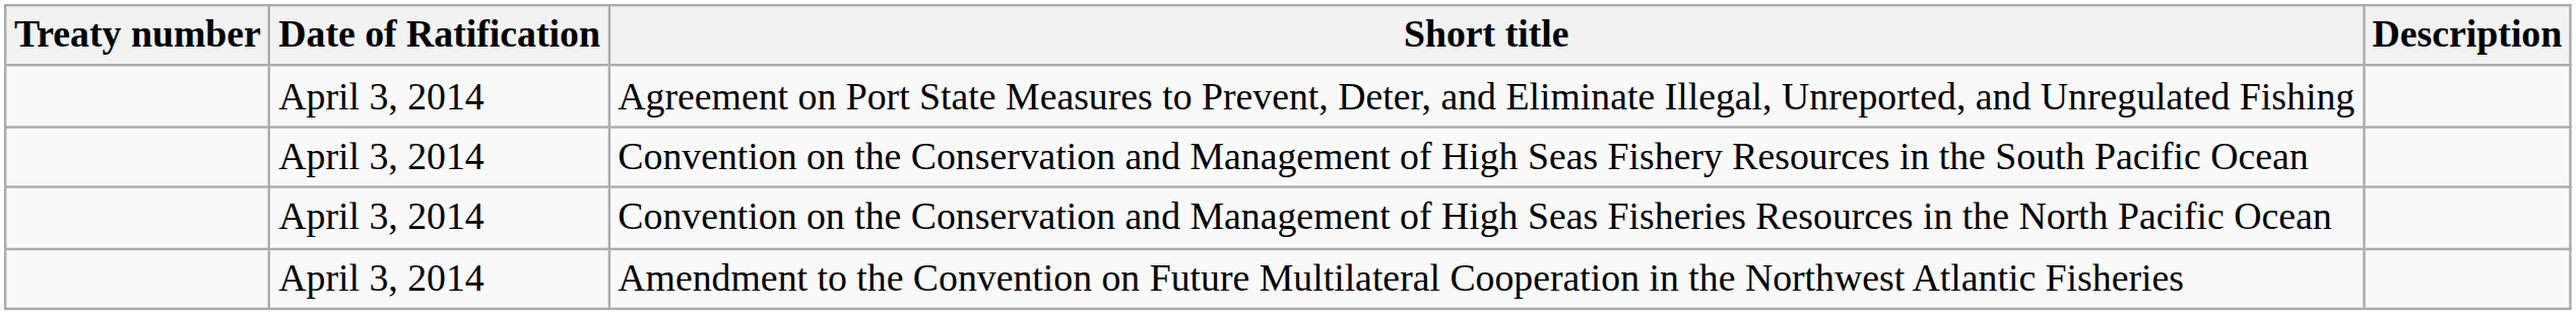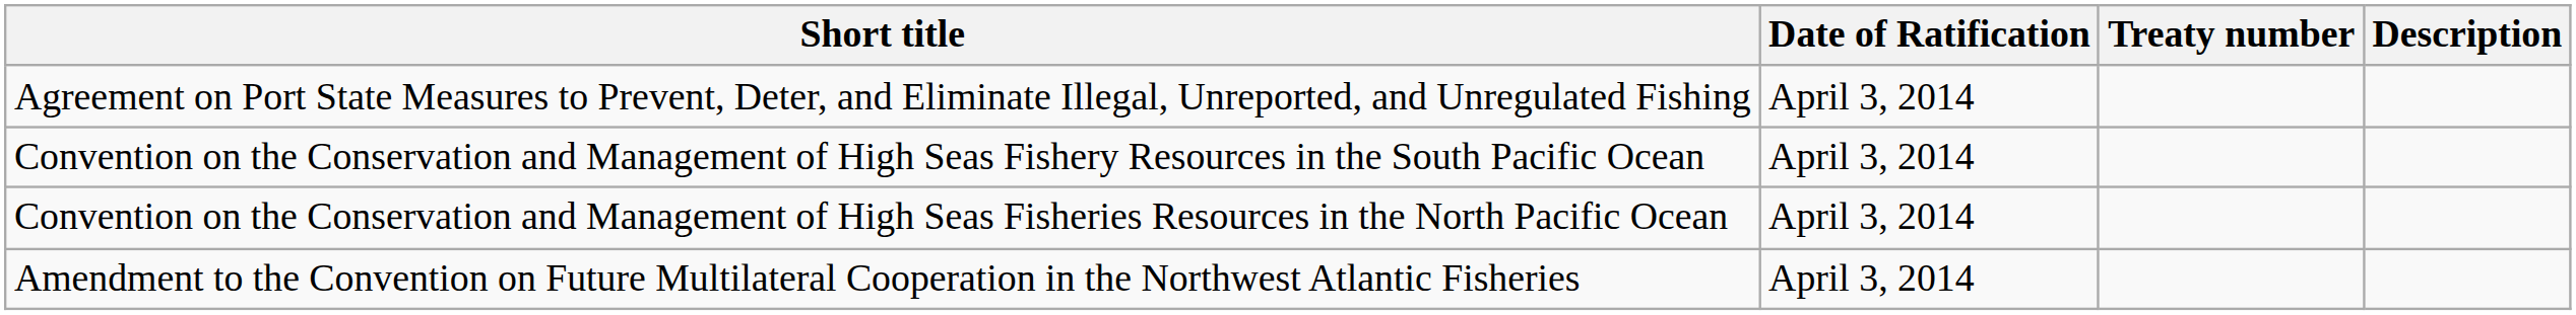 <table class=wikitable>
 <tr valign=bottom>
+<th>Short title</th>
+<th>Date of Ratification</th>
 <th>Treaty number</th>
-<th>Date of Ratification</th>
-<th>Short title</th>
 <th>Description</th>
 </tr>
 <tr>
+<td>Agreement on Port State Measures to Prevent, Deter, and Eliminate Illegal, Unreported, and Unregulated Fishing</td>
+<td>April 3, 2014</td>
 <td></td>
-<td>April 3, 2014</td>
-<td>Agreement on Port State Measures to Prevent, Deter, and Eliminate Illegal, Unreported, and Unregulated Fishing</td>
 <td></td>
 </tr>
 <tr>
+<td>Convention on the Conservation and Management of High Seas Fishery Resources in the South Pacific Ocean</td>
+<td>April 3, 2014</td>
 <td></td>
-<td>April 3, 2014</td>
-<td>Convention on the Conservation and Management of High Seas Fishery Resources in the South Pacific Ocean</td>
 <td></td>
 </tr>
 <tr>
+<td>Convention on the Conservation and Management of High Seas Fisheries Resources in the North Pacific Ocean</td>
+<td>April 3, 2014</td>
 <td></td>
-<td>April 3, 2014</td>
-<td>Convention on the Conservation and Management of High Seas Fisheries Resources in the North Pacific Ocean</td>
 <td></td>
 </tr>
 <tr>
+<td>Amendment to the Convention on Future Multilateral Cooperation in the Northwest Atlantic Fisheries</td>
+<td>April 3, 2014</td>
 <td></td>
-<td>April 3, 2014</td>
-<td>Amendment to the Convention on Future Multilateral Cooperation in the Northwest Atlantic Fisheries</td>
 <td></td>
 </tr>
 </table>
